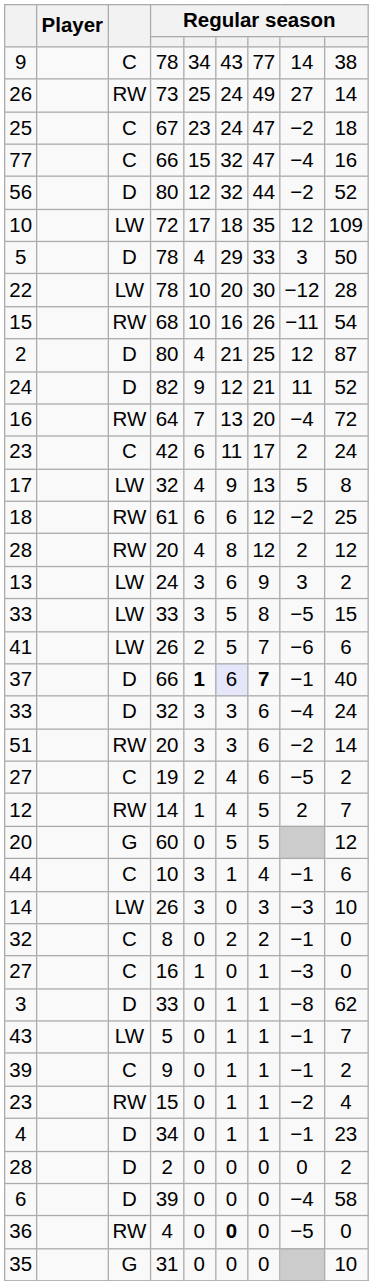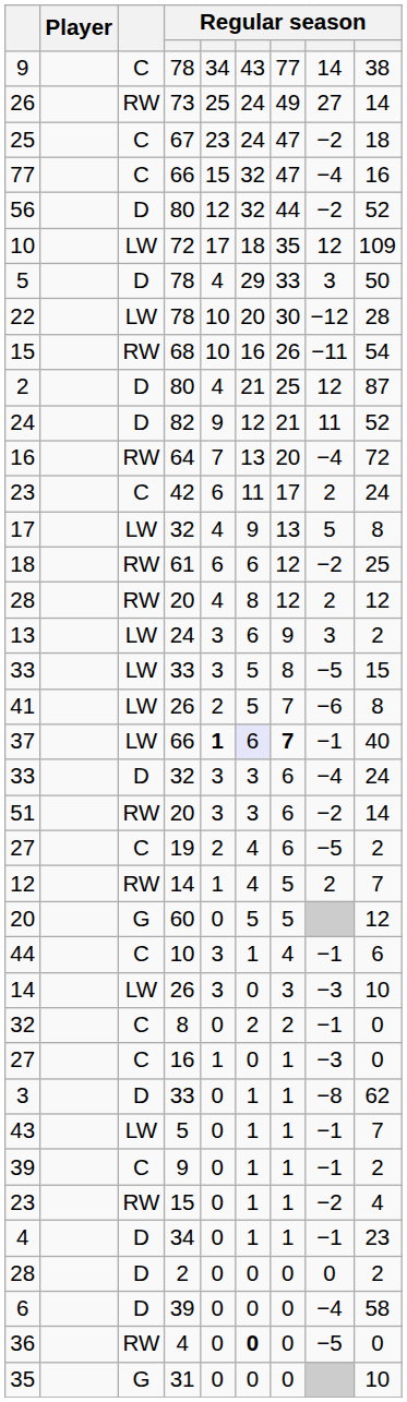 <table class="wikitable sortable plainrowheaders" style="text-align:center;">
 <tr>
 <th scope="col" data-sort-type="number" rowspan="2"></th>
 <th scope="col" rowspan="2">Player</th>
 <th scope="col" rowspan="2"></th>
 <th scope=colgroup colspan=6>Regular season</th>
 </tr>
 <tr>
 <th scope="col" data-sort-type="number"></th>
 <th scope="col" data-sort-type="number"></th>
 <th scope="col" data-sort-type="number"></th>
 <th scope="col" data-sort-type="number"></th>
 <th scope="col" data-sort-type="number"></th>
 <th scope="col" data-sort-type="number"></th>
 </tr>
 <tr>
 <td scope="row">9</td>
 <td align="left"></td>
 <td>C</td>
 <td>78</td>
 <td>34</td>
 <td>43</td>
 <td>77</td>
 <td>14</td>
 <td>38</td>
 </tr>
 <tr>
 <td scope="row">26</td>
 <td align="left"></td>
 <td>RW</td>
 <td>73</td>
 <td>25</td>
 <td>24</td>
 <td>49</td>
 <td>27</td>
 <td>14</td>
 </tr>
 <tr>
 <td scope="row">25</td>
 <td align="left"></td>
 <td>C</td>
 <td>67</td>
 <td>23</td>
 <td>24</td>
 <td>47</td>
 <td>−2</td>
 <td>18</td>
 </tr>
 <tr>
 <td scope="row">77</td>
 <td align="left"></td>
 <td>C</td>
 <td>66</td>
 <td>15</td>
 <td>32</td>
 <td>47</td>
 <td>−4</td>
 <td>16</td>
 </tr>
 <tr>
 <td scope="row">56</td>
 <td align="left"></td>
 <td>D</td>
 <td>80</td>
 <td>12</td>
 <td>32</td>
 <td>44</td>
 <td>−2</td>
 <td>52</td>
 </tr>
 <tr>
 <td scope="row">10</td>
 <td align="left"></td>
 <td>LW</td>
 <td>72</td>
 <td>17</td>
 <td>18</td>
 <td>35</td>
 <td>12</td>
 <td>109</td>
 </tr>
 <tr>
 <td scope="row">5</td>
 <td align="left"></td>
 <td>D</td>
 <td>78</td>
 <td>4</td>
 <td>29</td>
 <td>33</td>
 <td>3</td>
 <td>50</td>
 </tr>
 <tr>
 <td scope="row">22</td>
 <td align="left"></td>
 <td>LW</td>
 <td>78</td>
 <td>10</td>
 <td>20</td>
 <td>30</td>
 <td>−12</td>
 <td>28</td>
 </tr>
 <tr>
 <td scope="row">15</td>
 <td align="left"></td>
 <td>RW</td>
 <td>68</td>
 <td>10</td>
 <td>16</td>
 <td>26</td>
 <td>−11</td>
 <td>54</td>
 </tr>
 <tr>
 <td scope="row">2</td>
 <td align="left"></td>
 <td>D</td>
 <td>80</td>
 <td>4</td>
 <td>21</td>
 <td>25</td>
 <td>12</td>
 <td>87</td>
 </tr>
 <tr>
 <td scope="row">24</td>
 <td align="left"></td>
 <td>D</td>
 <td>82</td>
 <td>9</td>
 <td>12</td>
 <td>21</td>
 <td>11</td>
 <td>52</td>
 </tr>
 <tr>
 <td scope="row">16</td>
 <td align="left"></td>
 <td>RW</td>
 <td>64</td>
 <td>7</td>
 <td>13</td>
 <td>20</td>
 <td>−4</td>
 <td>72</td>
 </tr>
 <tr>
 <td scope="row">23</td>
 <td align="left"></td>
 <td>C</td>
 <td>42</td>
 <td>6</td>
 <td>11</td>
 <td>17</td>
 <td>2</td>
 <td>24</td>
 </tr>
 <tr>
 <td scope="row">17</td>
 <td align="left"></td>
 <td>LW</td>
 <td>32</td>
 <td>4</td>
 <td>9</td>
 <td>13</td>
 <td>5</td>
 <td>8</td>
 </tr>
 <tr>
 <td scope="row">18</td>
 <td align="left"></td>
 <td>RW</td>
 <td>61</td>
 <td>6</td>
 <td>6</td>
 <td>12</td>
 <td>−2</td>
 <td>25</td>
 </tr>
 <tr>
 <td scope="row">28</td>
 <td align="left"></td>
 <td>RW</td>
 <td>20</td>
 <td>4</td>
 <td>8</td>
 <td>12</td>
 <td>2</td>
 <td>12</td>
 </tr>
 <tr>
 <td scope="row">13</td>
 <td align="left"></td>
 <td>LW</td>
 <td>24</td>
 <td>3</td>
 <td>6</td>
 <td>9</td>
 <td>3</td>
 <td>2</td>
 </tr>
 <tr>
 <td scope="row">33</td>
 <td align="left"></td>
 <td>LW</td>
 <td>33</td>
 <td>3</td>
 <td>5</td>
 <td>8</td>
 <td>−5</td>
 <td>15</td>
 </tr>
 <tr>
 <td scope="row">41</td>
 <td align="left"></td>
 <td>LW</td>
 <td>26</td>
 <td>2</td>
 <td>5</td>
 <td>7</td>
 <td>−6</td>
-<td>6</td>
+<td>8</td>
 </tr>
 <tr>
 <td scope="row">37</td>
 <td align="left"></td>
-<td>D</td>
+<td>LW</td>
 <td>66</td>
 <td><strong>1</strong></td>
 <td style="background: lavender;">6</td>
 <td><strong>7</strong></td>
 <td>−1</td>
 <td>40</td>
 </tr>
 <tr>
 <td scope="row">33</td>
 <td align="left"></td>
 <td>D</td>
 <td>32</td>
 <td>3</td>
 <td>3</td>
 <td>6</td>
 <td>−4</td>
 <td>24</td>
 </tr>
 <tr>
 <td scope="row">51</td>
 <td align="left"></td>
 <td>RW</td>
 <td>20</td>
 <td>3</td>
 <td>3</td>
 <td>6</td>
 <td>−2</td>
 <td>14</td>
 </tr>
 <tr>
 <td scope="row">27</td>
 <td align="left"></td>
 <td>C</td>
 <td>19</td>
 <td>2</td>
 <td>4</td>
 <td>6</td>
 <td>−5</td>
 <td>2</td>
 </tr>
 <tr>
 <td scope="row">12</td>
 <td align="left"></td>
 <td>RW</td>
 <td>14</td>
 <td>1</td>
 <td>4</td>
 <td>5</td>
 <td>2</td>
 <td>7</td>
 </tr>
 <tr>
 <td scope="row">20</td>
 <td align="left"></td>
 <td>G</td>
 <td>60</td>
 <td>0</td>
 <td>5</td>
 <td>5</td>
 <td style="background:#ccc"></td>
 <td>12</td>
 </tr>
 <tr>
 <td scope="row">44</td>
 <td align="left"></td>
 <td>C</td>
 <td>10</td>
 <td>3</td>
 <td>1</td>
 <td>4</td>
 <td>−1</td>
 <td>6</td>
 </tr>
 <tr>
 <td scope="row">14</td>
 <td align="left"></td>
 <td>LW</td>
 <td>26</td>
 <td>3</td>
 <td>0</td>
 <td>3</td>
 <td>−3</td>
 <td>10</td>
 </tr>
 <tr>
 <td scope="row">32</td>
 <td align="left"></td>
 <td>C</td>
 <td>8</td>
 <td>0</td>
 <td>2</td>
 <td>2</td>
 <td>−1</td>
 <td>0</td>
 </tr>
 <tr>
 <td scope="row">27</td>
 <td align="left"></td>
 <td>C</td>
 <td>16</td>
 <td>1</td>
 <td>0</td>
 <td>1</td>
 <td>−3</td>
 <td>0</td>
 </tr>
 <tr>
 <td scope="row">3</td>
 <td align="left"></td>
 <td>D</td>
 <td>33</td>
 <td>0</td>
 <td>1</td>
 <td>1</td>
 <td>−8</td>
 <td>62</td>
 </tr>
 <tr>
 <td scope="row">43</td>
 <td align="left"></td>
 <td>LW</td>
 <td>5</td>
 <td>0</td>
 <td>1</td>
 <td>1</td>
 <td>−1</td>
 <td>7</td>
 </tr>
 <tr>
 <td scope="row">39</td>
 <td align="left"></td>
 <td>C</td>
 <td>9</td>
 <td>0</td>
 <td>1</td>
 <td>1</td>
 <td>−1</td>
 <td>2</td>
 </tr>
 <tr>
 <td scope="row">23</td>
 <td align="left"></td>
 <td>RW</td>
 <td>15</td>
 <td>0</td>
 <td>1</td>
 <td>1</td>
 <td>−2</td>
 <td>4</td>
 </tr>
 <tr>
 <td scope="row">4</td>
 <td align="left"></td>
 <td>D</td>
 <td>34</td>
 <td>0</td>
 <td>1</td>
 <td>1</td>
 <td>−1</td>
 <td>23</td>
 </tr>
 <tr>
 <td scope="row">28</td>
 <td align="left"></td>
 <td>D</td>
 <td>2</td>
 <td>0</td>
 <td>0</td>
 <td>0</td>
 <td>0</td>
 <td>2</td>
 </tr>
 <tr>
 <td scope="row">6</td>
 <td align="left"></td>
 <td>D</td>
 <td>39</td>
 <td>0</td>
 <td>0</td>
 <td>0</td>
 <td>−4</td>
 <td>58</td>
 </tr>
 <tr>
 <td scope="row">36</td>
 <td align="left"></td>
 <td>RW</td>
 <td>4</td>
 <td>0</td>
 <td><strong>0</strong></td>
 <td>0</td>
 <td>−5</td>
 <td>0</td>
 </tr>
 <tr>
 <td scope="row">35</td>
 <td align="left"></td>
 <td>G</td>
 <td>31</td>
 <td>0</td>
 <td>0</td>
 <td>0</td>
 <td style="background:#ccc"></td>
 <td>10</td>
 </tr>
 </table>
